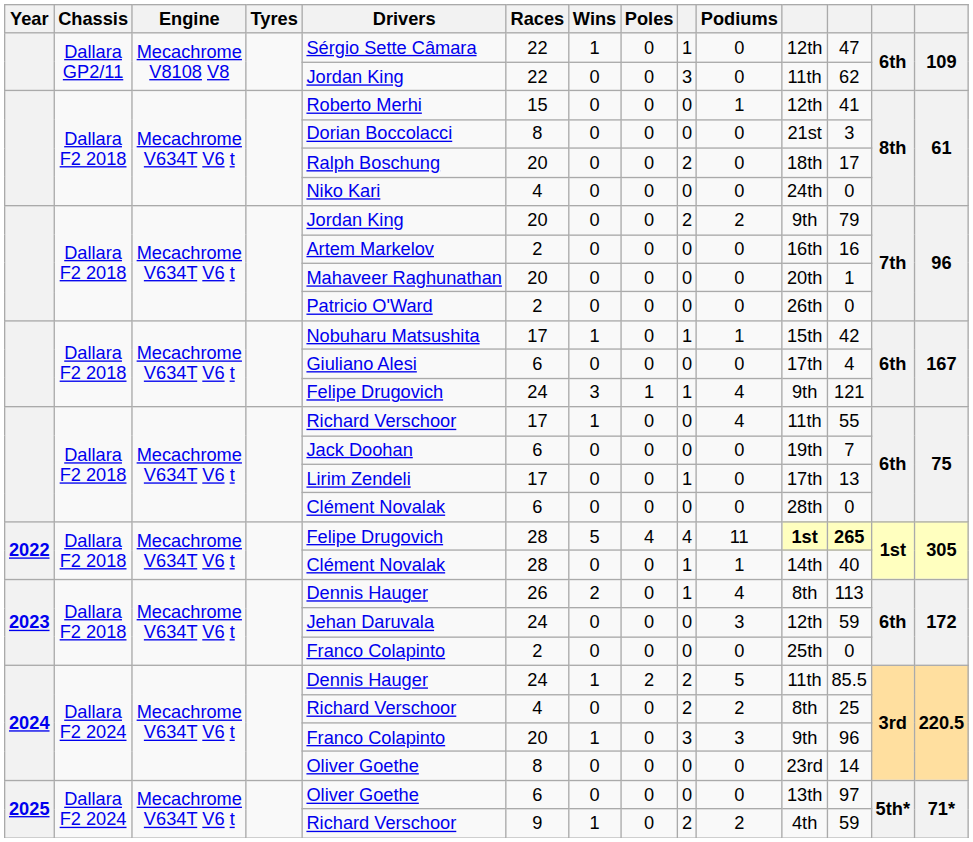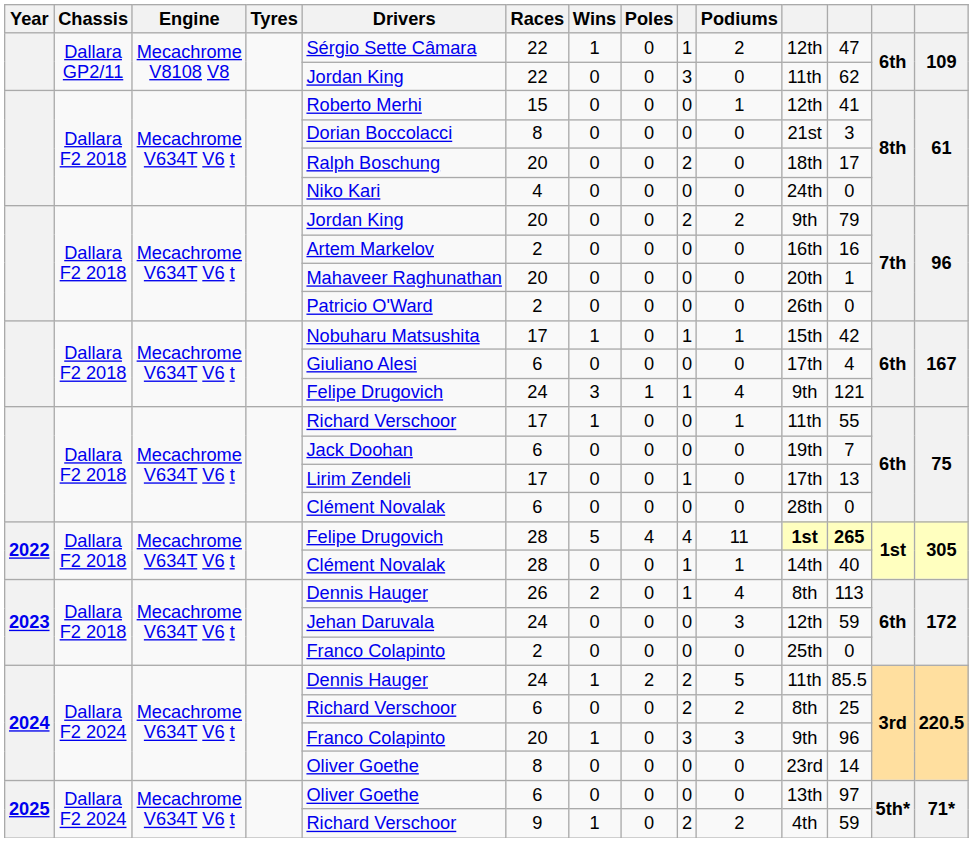 <table class="wikitable" style="text-align:center; font-size:85%">
 <tr>
 <th>Year</th>
 <th>Chassis</th>
 <th>Engine</th>
 <th>Tyres</th>
 <th>Drivers</th>
 <th>Races</th>
 <th>Wins</th>
 <th>Poles</th>
 <th></th>
 <th>Podiums</th>
 <th></th>
 <th></th>
 <th></th>
 <th></th>
 </tr>
 <tr>
 <th rowspan=2></th>
 <td rowspan=2><a href='#'>Dallara</a><br><a href='#'>GP2/11</a></td>
 <td rowspan=2><a href='#'>Mecachrome</a><br><a href='#'>V8108</a> <a href='#'>V8</a></td>
 <td rowspan=2></td>
 <td align=left> <a href='#'>Sérgio Sette Câmara</a></td>
 <td>22</td>
 <td>1</td>
 <td>0</td>
 <td>1</td>
-<td>0</td>
+<td>2</td>
 <td>12th</td>
 <td>47</td>
 <th rowspan=2>6th</th>
 <th rowspan=2>109</th>
 </tr>
 <tr>
 <td align=left> <a href='#'>Jordan King</a></td>
 <td>22</td>
 <td>0</td>
 <td>0</td>
 <td>3</td>
 <td>0</td>
 <td>11th</td>
 <td>62</td>
 </tr>
 <tr>
 <th rowspan=4></th>
 <td rowspan=4><a href='#'>Dallara</a><br><a href='#'>F2 2018</a></td>
 <td rowspan=4><a href='#'>Mecachrome</a><br><a href='#'>V634T</a> <a href='#'>V6</a> <a href='#'>t</a></td>
 <td rowspan=4></td>
 <td align=left> <a href='#'>Roberto Merhi</a></td>
 <td>15</td>
 <td>0</td>
 <td>0</td>
 <td>0</td>
 <td>1</td>
 <td>12th</td>
 <td>41</td>
 <th rowspan=4>8th</th>
 <th rowspan=4>61</th>
 </tr>
 <tr>
 <td align=left> <a href='#'>Dorian Boccolacci</a></td>
 <td>8</td>
 <td>0</td>
 <td>0</td>
 <td>0</td>
 <td>0</td>
 <td>21st</td>
 <td>3</td>
 </tr>
 <tr>
 <td align=left> <a href='#'>Ralph Boschung</a></td>
 <td>20</td>
 <td>0</td>
 <td>0</td>
 <td>2</td>
 <td>0</td>
 <td>18th</td>
 <td>17</td>
 </tr>
 <tr>
 <td align=left> <a href='#'>Niko Kari</a></td>
 <td>4</td>
 <td>0</td>
 <td>0</td>
 <td>0</td>
 <td>0</td>
 <td>24th</td>
 <td>0</td>
 </tr>
 <tr>
 <th rowspan=4></th>
 <td rowspan=4><a href='#'>Dallara</a><br><a href='#'>F2 2018</a></td>
 <td rowspan=4><a href='#'>Mecachrome</a><br><a href='#'>V634T</a> <a href='#'>V6</a> <a href='#'>t</a></td>
 <td rowspan=4></td>
 <td align=left> <a href='#'>Jordan King</a></td>
 <td>20</td>
 <td>0</td>
 <td>0</td>
 <td>2</td>
 <td>2</td>
 <td>9th</td>
 <td>79</td>
 <th rowspan=4>7th</th>
 <th rowspan=4>96</th>
 </tr>
 <tr>
 <td align=left> <a href='#'>Artem Markelov</a></td>
 <td>2</td>
 <td>0</td>
 <td>0</td>
 <td>0</td>
 <td>0</td>
 <td>16th</td>
 <td>16</td>
 </tr>
 <tr>
 <td align=left> <a href='#'>Mahaveer Raghunathan</a></td>
 <td>20</td>
 <td>0</td>
 <td>0</td>
 <td>0</td>
 <td>0</td>
 <td>20th</td>
 <td>1</td>
 </tr>
 <tr>
 <td align=left> <a href='#'>Patricio O'Ward</a></td>
 <td>2</td>
 <td>0</td>
 <td>0</td>
 <td>0</td>
 <td>0</td>
 <td>26th</td>
 <td>0</td>
 </tr>
 <tr>
 <th rowspan=3></th>
 <td rowspan=3><a href='#'>Dallara</a><br><a href='#'>F2 2018</a></td>
 <td rowspan=3><a href='#'>Mecachrome</a><br><a href='#'>V634T</a> <a href='#'>V6</a> <a href='#'>t</a></td>
 <td rowspan=3></td>
 <td align=left> <a href='#'>Nobuharu Matsushita</a></td>
 <td>17</td>
 <td>1</td>
 <td>0</td>
 <td>1</td>
 <td>1</td>
 <td>15th</td>
 <td>42</td>
 <th rowspan=3>6th</th>
 <th rowspan=3>167</th>
 </tr>
 <tr>
 <td align=left> <a href='#'>Giuliano Alesi</a></td>
 <td>6</td>
 <td>0</td>
 <td>0</td>
 <td>0</td>
 <td>0</td>
 <td>17th</td>
 <td>4</td>
 </tr>
 <tr>
 <td align=left> <a href='#'>Felipe Drugovich</a></td>
 <td>24</td>
 <td>3</td>
 <td>1</td>
 <td>1</td>
 <td>4</td>
 <td>9th</td>
 <td>121</td>
 </tr>
 <tr>
 <th rowspan=4></th>
 <td rowspan=4><a href='#'>Dallara</a><br><a href='#'>F2 2018</a></td>
 <td rowspan=4><a href='#'>Mecachrome</a><br><a href='#'>V634T</a> <a href='#'>V6</a> <a href='#'>t</a></td>
 <td rowspan=4></td>
 <td align=left> <a href='#'>Richard Verschoor</a></td>
 <td>17</td>
 <td>1</td>
 <td>0</td>
 <td>0</td>
-<td>4</td>
+<td>1</td>
 <td>11th</td>
 <td>55</td>
 <th rowspan=4>6th</th>
 <th rowspan=4>75</th>
 </tr>
 <tr>
 <td align=left> <a href='#'>Jack Doohan</a></td>
 <td>6</td>
 <td>0</td>
 <td>0</td>
 <td>0</td>
 <td>0</td>
 <td>19th</td>
 <td>7</td>
 </tr>
 <tr>
 <td align=left> <a href='#'>Lirim Zendeli</a></td>
 <td>17</td>
 <td>0</td>
 <td>0</td>
 <td>1</td>
 <td>0</td>
 <td>17th</td>
 <td>13</td>
 </tr>
 <tr>
 <td align=left> <a href='#'>Clément Novalak</a></td>
 <td>6</td>
 <td>0</td>
 <td>0</td>
 <td>0</td>
 <td>0</td>
 <td>28th</td>
 <td>0</td>
 </tr>
 <tr>
 <th rowspan="2"><a href='#'>2022</a></th>
 <td rowspan=2><a href='#'>Dallara</a><br><a href='#'>F2 2018</a></td>
 <td rowspan=2><a href='#'>Mecachrome</a><br><a href='#'>V634T</a> <a href='#'>V6</a> <a href='#'>t</a></td>
 <td rowspan=2></td>
 <td align=left> <a href='#'>Felipe Drugovich</a></td>
 <td>28</td>
 <td>5</td>
 <td>4</td>
 <td>4</td>
 <td>11</td>
 <td style="background:#FFFFBF;"><strong>1st</strong></td>
 <td style="background:#FFFFBF;"><strong>265</strong></td>
 <th rowspan="2" style="background:#FFFFBF;">1st</th>
 <th rowspan="2" style="background:#FFFFBF;">305</th>
 </tr>
 <tr>
 <td align=left> <a href='#'>Clément Novalak</a></td>
 <td>28</td>
 <td>0</td>
 <td>0</td>
 <td>1</td>
 <td>1</td>
 <td>14th</td>
 <td>40</td>
 </tr>
 <tr>
 <th rowspan=3><a href='#'>2023</a></th>
 <td rowspan=3><a href='#'>Dallara</a><br><a href='#'>F2 2018</a></td>
 <td rowspan=3><a href='#'>Mecachrome</a><br><a href='#'>V634T</a> <a href='#'>V6</a> <a href='#'>t</a></td>
 <td rowspan=3></td>
 <td align=left> <a href='#'>Dennis Hauger</a></td>
 <td>26</td>
 <td>2</td>
 <td>0</td>
 <td>1</td>
 <td>4</td>
 <td>8th</td>
 <td>113</td>
 <th rowspan=3 style="background:#;">6th</th>
 <th rowspan=3 style="background:#;">172</th>
 </tr>
 <tr>
 <td align=left> <a href='#'>Jehan Daruvala</a></td>
 <td>24</td>
 <td>0</td>
 <td>0</td>
 <td>0</td>
 <td>3</td>
 <td>12th</td>
 <td>59</td>
 </tr>
 <tr>
 <td align=left> <a href='#'>Franco Colapinto</a></td>
 <td>2</td>
 <td>0</td>
 <td>0</td>
 <td>0</td>
 <td>0</td>
 <td>25th</td>
 <td>0</td>
 </tr>
 <tr>
 <th rowspan=4><a href='#'>2024</a></th>
 <td rowspan=4><a href='#'>Dallara</a><br><a href='#'>F2 2024</a></td>
 <td rowspan=4><a href='#'>Mecachrome</a><br><a href='#'>V634T</a> <a href='#'>V6</a> <a href='#'>t</a></td>
 <td rowspan=4></td>
 <td align=left> <a href='#'>Dennis Hauger</a></td>
 <td>24</td>
 <td>1</td>
 <td>2</td>
 <td>2</td>
 <td>5</td>
 <td style="background:#;">11th</td>
 <td style="background:#;">85.5</td>
 <th rowspan=4 style="background:#FFDF9F;">3rd</th>
 <th rowspan=4 style="background:#FFDF9F;">220.5</th>
 </tr>
 <tr>
 <td align=left> <a href='#'>Richard Verschoor</a></td>
-<td>4</td>
+<td>6</td>
 <td>0</td>
 <td>0</td>
 <td>2</td>
 <td>2</td>
 <td style="background:;">8th</td>
 <td style="background:;">25</td>
 </tr>
 <tr>
 <td align=left> <a href='#'>Franco Colapinto</a></td>
 <td>20</td>
 <td>1</td>
 <td>0</td>
 <td>3</td>
 <td>3</td>
 <td style="background:;">9th</td>
 <td style="background:;">96</td>
 </tr>
 <tr>
 <td align=left> <a href='#'>Oliver Goethe</a></td>
 <td>8</td>
 <td>0</td>
 <td>0</td>
 <td>0</td>
 <td>0</td>
 <td style="background:;">23rd</td>
 <td style="background:;">14</td>
 </tr>
 <tr>
 <th rowspan="2"><a href='#'>2025</a></th>
 <td rowspan=2><a href='#'>Dallara</a><br><a href='#'>F2 2024</a></td>
 <td rowspan=2><a href='#'>Mecachrome</a><br><a href='#'>V634T</a> <a href='#'>V6</a> <a href='#'>t</a></td>
 <td rowspan=2></td>
 <td align=left> <a href='#'>Oliver Goethe</a></td>
 <td>6</td>
 <td>0</td>
 <td>0</td>
 <td>0</td>
 <td>0</td>
 <td style="background:#;">13th</td>
 <td style="background:#;">97</td>
 <th rowspan="2" style="background:#;">5th*</th>
 <th rowspan="2" style="background:#;">71*</th>
 </tr>
 <tr>
 <td align=left> <a href='#'>Richard Verschoor</a></td>
 <td>9</td>
 <td>1</td>
 <td>0</td>
 <td>2</td>
 <td>2</td>
 <td style="background:#;">4th</td>
 <td style="background:#;">59</td>
 </tr>
 </table>
